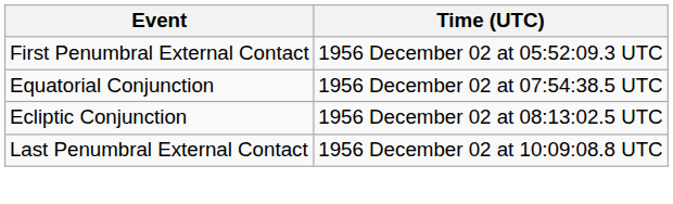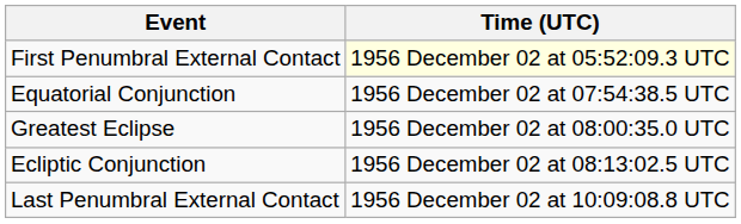 <table class="wikitable">
 <tr>
 <th>Event</th>
 <th>Time (UTC)</th>
 </tr>
 <tr>
 <td>First Penumbral External Contact</td>
-<td>1956 December 02 at 05:52:09.3 UTC</td>
+<td style="background: lightyellow;">1956 December 02 at 05:52:09.3 UTC</td>
 </tr>
 <tr>
 <td>Equatorial Conjunction</td>
 <td>1956 December 02 at 07:54:38.5 UTC</td>
+</tr>
+<tr>
+<td>Greatest Eclipse</td>
+<td>1956 December 02 at 08:00:35.0 UTC</td>
 </tr>
 <tr>
 <td>Ecliptic Conjunction</td>
 <td>1956 December 02 at 08:13:02.5 UTC</td>
 </tr>
 <tr>
 <td>Last Penumbral External Contact</td>
 <td>1956 December 02 at 10:09:08.8 UTC</td>
 </tr>
 </table>
